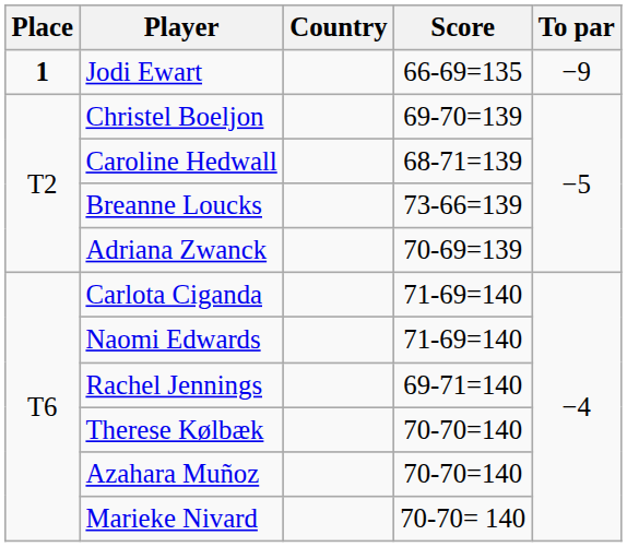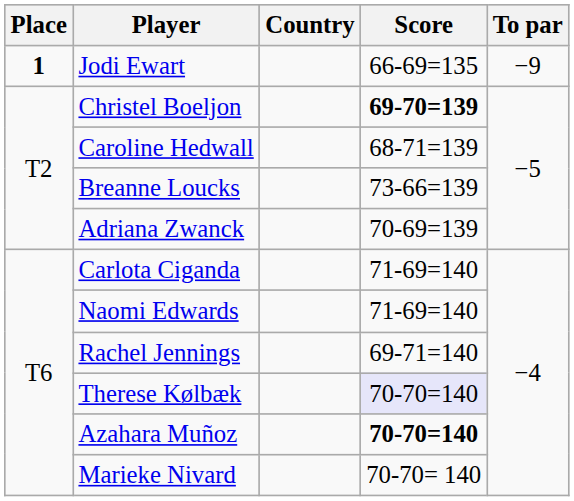 <table class="wikitable" style="font-size:95%;">
 <tr>
 <th>Place</th>
 <th>Player</th>
 <th>Country</th>
 <th>Score</th>
 <th>To par</th>
 </tr>
 <tr>
 <td align=center><strong>1</strong></td>
 <td><a href='#'>Jodi Ewart</a></td>
 <td></td>
 <td align=center>66-69=135</td>
 <td align=center>−9</td>
 </tr>
 <tr>
 <td rowspan="4" align="center">T2</td>
 <td><a href='#'>Christel Boeljon</a></td>
 <td></td>
-<td align=center>69-70=139</td>
+<td align=center><strong>69-70=139</strong></td>
 <td rowspan="4" align=center>−5</td>
 </tr>
 <tr>
 <td><a href='#'>Caroline Hedwall</a></td>
 <td></td>
 <td align=center>68-71=139</td>
 </tr>
 <tr>
 <td><a href='#'>Breanne Loucks</a></td>
 <td></td>
 <td align=center>73-66=139</td>
 </tr>
 <tr>
 <td><a href='#'>Adriana Zwanck</a></td>
 <td></td>
 <td align=center>70-69=139</td>
 </tr>
 <tr>
 <td rowspan="6" align="center">T6</td>
 <td><a href='#'>Carlota Ciganda</a></td>
 <td></td>
 <td align="center">71-69=140</td>
 <td rowspan="6" align=center>−4</td>
 </tr>
 <tr>
 <td><a href='#'>Naomi Edwards</a></td>
 <td></td>
 <td align=center>71-69=140</td>
 </tr>
 <tr>
 <td><a href='#'>Rachel Jennings</a></td>
 <td></td>
 <td align=center>69-71=140</td>
 </tr>
 <tr>
 <td><a href='#'>Therese Kølbæk</a></td>
 <td></td>
-<td align=center>70-70=140</td>
+<td align=center style="background: lavender;">70-70=140</td>
 </tr>
 <tr>
 <td><a href='#'>Azahara Muñoz</a></td>
 <td></td>
-<td align=center>70-70=140</td>
+<td align=center><strong>70-70=140</strong></td>
 </tr>
 <tr>
 <td><a href='#'>Marieke Nivard</a></td>
 <td></td>
 <td align=center>70-70= 140</td>
 </tr>
 </table>
